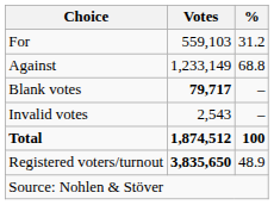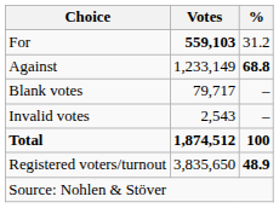 <table class=wikitable style=text-align:right>
 <tr>
 <th>Choice</th>
 <th>Votes</th>
 <th>%</th>
 </tr>
 <tr>
 <td align=left>For</td>
-<td>559,103</td>
+<td><strong>559,103</strong></td>
 <td>31.2</td>
 </tr>
 <tr>
 <td align=left>Against</td>
 <td>1,233,149</td>
-<td>68.8</td>
+<td><strong>68.8</strong></td>
 </tr>
 <tr>
 <td align=left>Blank votes</td>
-<td><strong>79,717</strong></td>
+<td>79,717</td>
 <td>–</td>
 </tr>
 <tr>
 <td align=left>Invalid votes</td>
 <td>2,543</td>
 <td>–</td>
 </tr>
 <tr>
 <td align=left><strong>Total</strong></td>
 <td><strong>1,874,512</strong></td>
 <td><strong>100</strong></td>
 </tr>
 <tr>
 <td align=left>Registered voters/turnout</td>
-<td><strong>3,835,650</strong></td>
-<td>48.9</td>
+<td>3,835,650</td>
+<td><strong>48.9</strong></td>
 </tr>
 <tr>
 <td align=left colspan=11>Source: Nohlen & Stöver</td>
 </tr>
 </table>
